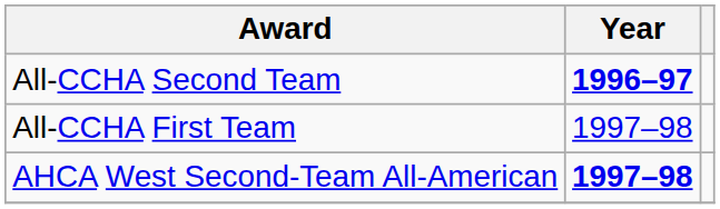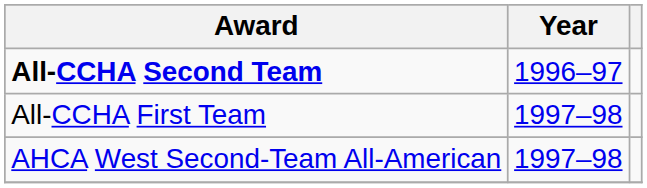 <table class="wikitable">
 <tr>
 <th>Award</th>
 <th>Year</th>
 <th></th>
 </tr>
 <tr>
-<td>All-<a href='#'>CCHA</a> <a href='#'>Second Team</a></td>
-<td><strong><a href='#'>1996–97</a></strong></td>
+<td><strong>All-<a href='#'>CCHA</a> <a href='#'>Second Team</a></strong></td>
+<td><a href='#'>1996–97</a></td>
 <td></td>
 </tr>
 <tr>
 <td>All-<a href='#'>CCHA</a> <a href='#'>First Team</a></td>
 <td><a href='#'>1997–98</a></td>
 <td></td>
 </tr>
 <tr>
 <td><a href='#'>AHCA</a> <a href='#'>West Second-Team All-American</a></td>
-<td><strong><a href='#'>1997–98</a></strong></td>
+<td><a href='#'>1997–98</a></td>
 <td></td>
 </tr>
 <tr>
 </tr>
 </table>
